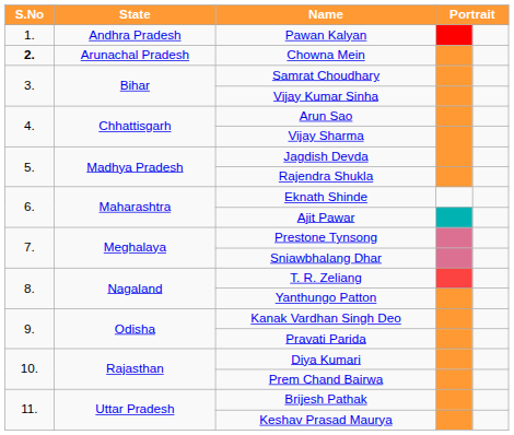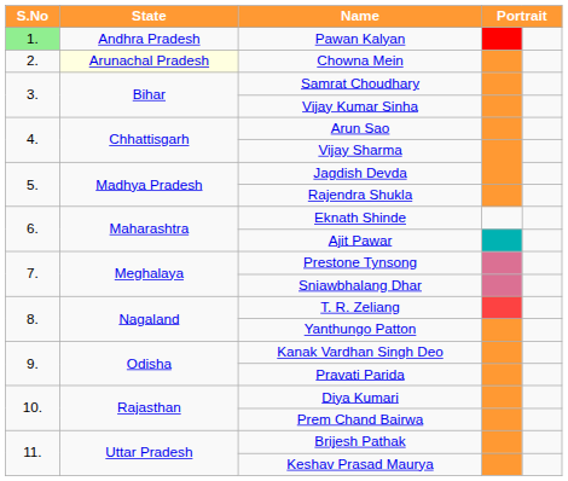 <table class="wikitable sortable" style="text-align:center; width:50%; margin-top:0.5em">
 <tr>
 <th style="background-color:#FF9933; color:white">S.No</th>
 <th style="background-color:#FF9933; color:white">State</th>
 <th style="background-color:#FF9933; color:white">Name</th>
 <th Colspan=2 style="background-color:#FF9933; color:white">Portrait</th>
 </tr>
 <tr>
-<td>1.</td>
+<td style="background: lightgreen;">1.</td>
 <td><a href='#'>Andhra Pradesh</a></td>
 <td><a href='#'>Pawan Kalyan</a></td>
 <td bgcolor=#FF0000></td>
 <td></td>
 </tr>
 <tr>
-<td><strong>2.</strong></td>
-<td><a href='#'>Arunachal Pradesh</a></td>
+<td>2.</td>
+<td style="background: lightyellow;"><a href='#'>Arunachal Pradesh</a></td>
 <td><a href='#'>Chowna Mein</a></td>
 <td bgcolor=#FF9933></td>
 <td></td>
 </tr>
 <tr>
 <td rowspan="2">3.</td>
 <td rowspan="2"><a href='#'>Bihar</a></td>
 <td><a href='#'>Samrat Choudhary</a></td>
 <td bgcolor=#FF9933></td>
 <td></td>
 </tr>
 <tr>
 <td><a href='#'>Vijay Kumar Sinha</a></td>
 <td bgcolor=#FF9933></td>
 <td></td>
 </tr>
 <tr>
 <td rowspan="2">4.</td>
 <td rowspan="2"><a href='#'>Chhattisgarh</a></td>
 <td><a href='#'>Arun Sao</a></td>
 <td bgcolor=#FF9933></td>
 <td></td>
 </tr>
 <tr>
 <td><a href='#'>Vijay Sharma</a></td>
 <td rowspan="2" bgcolor="#FF9933"></td>
 <td></td>
 </tr>
 <tr>
 <td rowspan="2">5.</td>
 <td rowspan="2"><a href='#'>Madhya Pradesh</a></td>
 <td><a href='#'>Jagdish Devda</a></td>
 <td></td>
 </tr>
 <tr>
 <td><a href='#'>Rajendra Shukla</a></td>
 <td bgcolor=#FF9933></td>
 <td></td>
 </tr>
 <tr>
 <td rowspan="2">6.</td>
 <td rowspan="2"><a href='#'>Maharashtra</a></td>
 <td><a href='#'>Eknath Shinde</a></td>
 <td></td>
 <td></td>
 </tr>
 <tr>
 <td><a href='#'>Ajit Pawar</a></td>
 <td bgcolor=#00B2B2></td>
 <td></td>
 </tr>
 <tr>
 <td rowspan="2">7.</td>
 <td rowspan="2"><a href='#'>Meghalaya</a></td>
 <td><a href='#'>Prestone Tynsong</a></td>
 <td bgcolor=#DB7093></td>
 <td></td>
 </tr>
 <tr>
 <td><a href='#'>Sniawbhalang Dhar</a></td>
 <td bgcolor=#DB7093></td>
 <td></td>
 </tr>
 <tr>
 <td rowspan="2">8.</td>
 <td rowspan="2"><a href='#'>Nagaland</a></td>
 <td><a href='#'>T. R. Zeliang</a></td>
 <td bgcolor=#FD4242></td>
 <td></td>
 </tr>
 <tr>
 <td><a href='#'>Yanthungo Patton</a></td>
 <td bgcolor=#FF9933></td>
 <td></td>
 </tr>
 <tr>
 <td rowspan="2">9.</td>
 <td rowspan="2"><a href='#'>Odisha</a></td>
 <td><a href='#'>Kanak Vardhan Singh Deo</a></td>
 <td bgcolor=#FF9933></td>
 <td></td>
 </tr>
 <tr>
 <td><a href='#'>Pravati Parida</a></td>
 <td bgcolor=#FF9933></td>
 <td></td>
 </tr>
 <tr>
 <td rowspan="2">10.</td>
 <td rowspan="2"><a href='#'>Rajasthan</a></td>
 <td><a href='#'>Diya Kumari</a></td>
 <td bgcolor=#FF9933></td>
 <td></td>
 </tr>
 <tr>
 <td><a href='#'>Prem Chand Bairwa</a></td>
 <td bgcolor=#FF9933></td>
 <td></td>
 </tr>
 <tr>
 <td rowspan="2">11.</td>
 <td rowspan="2"><a href='#'>Uttar Pradesh</a></td>
 <td><a href='#'>Brijesh Pathak</a></td>
 <td bgcolor=#FF9933></td>
 <td></td>
 </tr>
 <tr>
 <td><a href='#'>Keshav Prasad Maurya</a></td>
 <td bgcolor=#FF9933></td>
 <td></td>
 </tr>
 </table>
